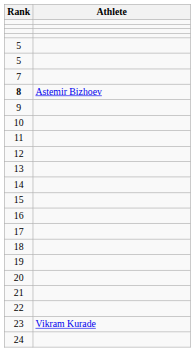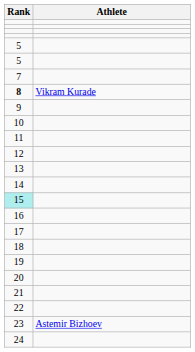 <table class="wikitable" style="text-align: center;">
 <tr>
 <th width=40>Rank</th>
 <th width=250>Athlete</th>
 </tr>
 <tr>
 <td></td>
 <td align="left"></td>
 </tr>
 <tr>
 <td></td>
 <td align="left"></td>
 </tr>
 <tr>
 <td></td>
 <td align="left"></td>
 </tr>
 <tr>
 <td></td>
 <td align="left"></td>
 </tr>
 <tr>
 <td>5</td>
 <td align="left"></td>
 </tr>
 <tr>
 <td>5</td>
 <td align="left"></td>
 </tr>
 <tr>
 <td>7</td>
 <td align="left"></td>
 </tr>
 <tr>
 <td><strong>8</strong></td>
-<td align="left"> <a href='#'>Astemir Bizhoev</a> </td>
+<td align="left"> <a href='#'>Vikram Kurade</a> </td>
 </tr>
 <tr>
 <td>9</td>
 <td align="left"></td>
 </tr>
 <tr>
 <td>10</td>
 <td align="left"></td>
 </tr>
 <tr>
 <td>11</td>
 <td align="left"></td>
 </tr>
 <tr>
 <td>12</td>
 <td align="left"></td>
 </tr>
 <tr>
 <td>13</td>
 <td align="left"></td>
 </tr>
 <tr>
 <td>14</td>
 <td align="left"></td>
 </tr>
 <tr>
-<td>15</td>
+<td style="background: paleturquoise;">15</td>
 <td align="left"></td>
 </tr>
 <tr>
 <td>16</td>
 <td align="left"></td>
 </tr>
 <tr>
 <td>17</td>
 <td align="left"></td>
 </tr>
 <tr>
 <td>18</td>
 <td align="left"></td>
 </tr>
 <tr>
 <td>19</td>
 <td align="left"></td>
 </tr>
 <tr>
 <td>20</td>
 <td align="left"></td>
 </tr>
 <tr>
 <td>21</td>
 <td align="left"></td>
 </tr>
 <tr>
 <td>22</td>
 <td align="left"></td>
 </tr>
 <tr>
 <td>23</td>
-<td align="left"> <a href='#'>Vikram Kurade</a> </td>
+<td align="left"> <a href='#'>Astemir Bizhoev</a> </td>
 </tr>
 <tr>
 <td>24</td>
 <td align="left"></td>
 </tr>
 </table>
